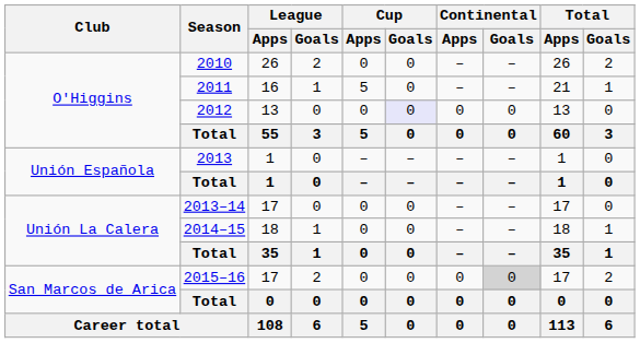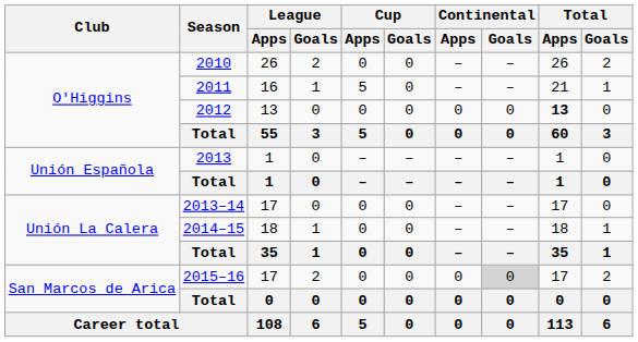 <table class="wikitable" style="font-size:95%; text-align: center;">
 <tr>
 <th rowspan="2">Club</th>
 <th rowspan="2">Season</th>
 <th colspan="2">League</th>
 <th colspan="2">Cup</th>
 <th colspan="2">Continental</th>
 <th colspan="2">Total</th>
 </tr>
 <tr>
 <th>Apps</th>
 <th>Goals</th>
 <th>Apps</th>
 <th>Goals</th>
 <th>Apps</th>
 <th>Goals</th>
 <th>Apps</th>
 <th>Goals</th>
 </tr>
 <tr>
 <td rowspan="4"><a href='#'>O'Higgins</a></td>
 <td><a href='#'>2010</a></td>
 <td>26</td>
 <td>2</td>
 <td>0</td>
 <td>0</td>
 <td>–</td>
 <td>–</td>
 <td>26</td>
 <td>2</td>
 </tr>
 <tr>
 <td><a href='#'>2011</a></td>
 <td>16</td>
 <td>1</td>
 <td>5</td>
 <td>0</td>
 <td>–</td>
 <td>–</td>
 <td>21</td>
 <td>1</td>
 </tr>
 <tr>
 <td><a href='#'>2012</a></td>
 <td>13</td>
 <td>0</td>
 <td>0</td>
-<td style="background: lavender;">0</td>
 <td>0</td>
 <td>0</td>
-<td>13</td>
+<td>0</td>
+<td><strong>13</strong></td>
 <td>0</td>
 </tr>
 <tr>
 <th>Total</th>
 <th>55</th>
 <th>3</th>
 <th>5</th>
 <th>0</th>
 <th>0</th>
 <th>0</th>
 <th>60</th>
 <th>3</th>
 </tr>
 <tr>
 <td rowspan="2"><a href='#'>Unión Española</a></td>
 <td><a href='#'>2013</a></td>
 <td>1</td>
 <td>0</td>
 <td>–</td>
 <td>–</td>
 <td>–</td>
 <td>–</td>
 <td>1</td>
 <td>0</td>
 </tr>
 <tr>
 <th>Total</th>
 <th>1</th>
 <th>0</th>
 <th>–</th>
 <th>–</th>
 <th>–</th>
 <th>–</th>
 <th>1</th>
 <th>0</th>
 </tr>
 <tr>
 <td rowspan="3"><a href='#'>Unión La Calera</a></td>
 <td><a href='#'>2013–14</a></td>
 <td>17</td>
 <td>0</td>
 <td>0</td>
 <td>0</td>
 <td>–</td>
 <td>–</td>
 <td>17</td>
 <td>0</td>
 </tr>
 <tr>
 <td><a href='#'>2014–15</a></td>
 <td>18</td>
 <td>1</td>
 <td>0</td>
 <td>0</td>
 <td>–</td>
 <td>–</td>
 <td>18</td>
 <td>1</td>
 </tr>
 <tr>
 <th>Total</th>
 <th>35</th>
 <th>1</th>
 <th>0</th>
 <th>0</th>
 <th>–</th>
 <th>–</th>
 <th>35</th>
 <th>1</th>
 </tr>
 <tr>
 <td rowspan="2"><a href='#'>San Marcos de Arica</a></td>
 <td><a href='#'>2015–16</a></td>
 <td>17</td>
 <td>2</td>
 <td>0</td>
 <td>0</td>
 <td>0</td>
 <td style="background: lightgrey;">0</td>
 <td>17</td>
 <td>2</td>
 </tr>
 <tr>
 <th>Total</th>
 <th>0</th>
 <th>0</th>
 <th>0</th>
 <th>0</th>
 <th>0</th>
 <th>0</th>
 <th>0</th>
 <th>0</th>
 </tr>
 <tr>
 <th colspan="2">Career total</th>
 <th>108</th>
 <th>6</th>
 <th>5</th>
 <th>0</th>
 <th>0</th>
 <th>0</th>
 <th>113</th>
 <th>6</th>
 </tr>
 </table>
